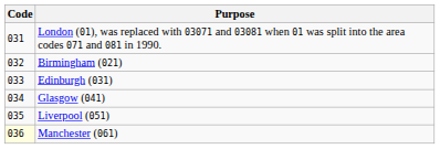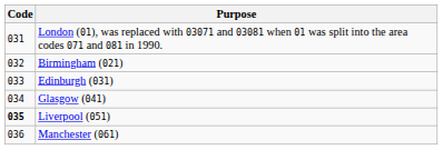 <table class="wikitable">
 <tr>
 <th>Code</th>
 <th>Purpose</th>
 </tr>
 <tr>
 <td><code>031</code></td>
 <td><a href='#'>London</a> (<code>01</code>), was replaced with <code>03071</code> and <code>03081</code> when <code>01</code> was split into the area codes <code>071</code> and <code>081</code> in 1990.</td>
 </tr>
 <tr>
 <td><code>032</code></td>
 <td><a href='#'>Birmingham</a> (<code>021</code>)</td>
 </tr>
 <tr>
 <td><code>033</code></td>
 <td><a href='#'>Edinburgh</a> (<code>031</code>)</td>
 </tr>
 <tr>
 <td><code>034</code></td>
 <td><a href='#'>Glasgow</a> (<code>041</code>)</td>
 </tr>
 <tr>
-<td><code>035</code></td>
+<td><strong><code>035</code></strong></td>
 <td><a href='#'>Liverpool</a> (<code>051</code>)</td>
 </tr>
 <tr>
-<td style="background: lightyellow;"><code>036</code></td>
+<td><code>036</code></td>
 <td><a href='#'>Manchester</a> (<code>061</code>)</td>
 </tr>
 </table>
